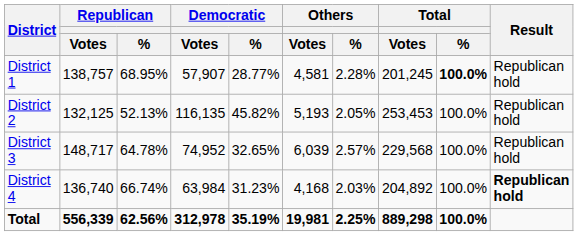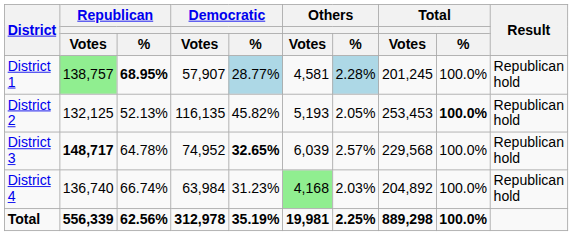 <table class="wikitable plainrowheaders sortable" style="font-size:100%; text-align:right;">
 <tr>
 <th scope=col rowspan=3><a href='#'>District</a></th>
 <th scope=col colspan=2><a href='#'>Republican</a></th>
 <th scope=col colspan=2><a href='#'>Democratic</a></th>
 <th scope=col colspan=2>Others</th>
 <th scope=col colspan=2>Total</th>
 <th scope=col rowspan=3>Result</th>
 </tr>
 <tr>
 <th scope=col colspan=2 style="background:"></th>
 <th scope=col colspan=2 style="background:"></th>
 <th scope=col colspan=2></th>
 <th scope=col colspan=2></th>
 </tr>
 <tr>
 <th scope=col data-sort-type="number">Votes</th>
 <th scope=col data-sort-type="number">%</th>
 <th scope=col data-sort-type="number">Votes</th>
 <th scope=col data-sort-type="number">%</th>
 <th scope=col data-sort-type="number">Votes</th>
 <th scope=col data-sort-type="number">%</th>
 <th scope=col data-sort-type="number">Votes</th>
 <th scope=col data-sort-type="number">%</th>
 </tr>
 <tr>
 <td align=left><a href='#'>District 1</a></td>
-<td>138,757</td>
-<td>68.95%</td>
+<td style="background: lightgreen;">138,757</td>
+<td><strong>68.95%</strong></td>
 <td>57,907</td>
-<td>28.77%</td>
+<td style="background: lightblue;">28.77%</td>
 <td>4,581</td>
-<td>2.28%</td>
+<td style="background: lightblue;">2.28%</td>
 <td>201,245</td>
-<td><strong>100.0%</strong></td>
+<td>100.0%</td>
 <td align=left>Republican hold</td>
 </tr>
 <tr>
 <td align=left><a href='#'>District 2</a></td>
 <td>132,125</td>
 <td>52.13%</td>
 <td>116,135</td>
 <td>45.82%</td>
 <td>5,193</td>
 <td>2.05%</td>
 <td>253,453</td>
-<td>100.0%</td>
+<td><strong>100.0%</strong></td>
 <td align=left>Republican hold</td>
 </tr>
 <tr>
 <td align=left><a href='#'>District 3</a></td>
-<td>148,717</td>
+<td><strong>148,717</strong></td>
 <td>64.78%</td>
 <td>74,952</td>
-<td>32.65%</td>
+<td><strong>32.65%</strong></td>
 <td>6,039</td>
 <td>2.57%</td>
 <td>229,568</td>
 <td>100.0%</td>
 <td align=left>Republican hold</td>
 </tr>
 <tr>
 <td align=left><a href='#'>District 4</a></td>
 <td>136,740</td>
 <td>66.74%</td>
 <td>63,984</td>
 <td>31.23%</td>
-<td>4,168</td>
+<td style="background: lightgreen;">4,168</td>
 <td>2.03%</td>
 <td>204,892</td>
 <td>100.0%</td>
-<td align=left><strong>Republican hold</strong></td>
+<td align=left>Republican hold</td>
 </tr>
 <tr class="sortbottom" style="font-weight:bold">
 <td align=left>Total</td>
 <td>556,339</td>
 <td>62.56%</td>
 <td>312,978</td>
 <td>35.19%</td>
 <td>19,981</td>
 <td>2.25%</td>
 <td>889,298</td>
 <td>100.0%</td>
 <td></td>
 </tr>
 </table>
